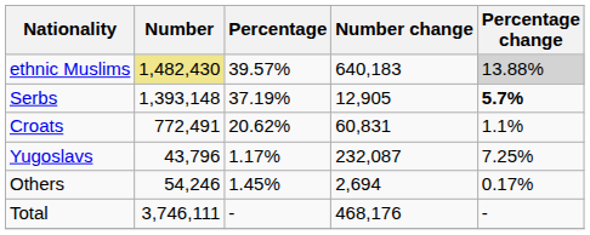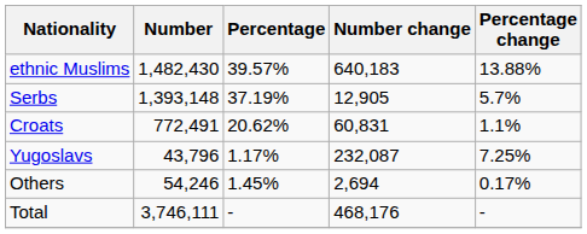 <table class="wikitable">
 <tr>
 <th>Nationality</th>
 <th>Number</th>
 <th>Percentage</th>
 <th>Number change</th>
 <th>Percentage <br>change</th>
 </tr>
 <tr>
 <td align=left><a href='#'>ethnic Muslims</a></td>
-<td align=right style="background: khaki;">1,482,430</td>
+<td align=right>1,482,430</td>
 <td>39.57%</td>
 <td>640,183</td>
-<td style="background: lightgrey;">13.88%</td>
+<td>13.88%</td>
 </tr>
 <tr>
 <td align=left><a href='#'>Serbs</a></td>
 <td align=right>1,393,148</td>
 <td>37.19%</td>
 <td>12,905</td>
-<td><strong>5.7%</strong></td>
+<td>5.7%</td>
 </tr>
 <tr>
 <td align=left><a href='#'>Croats</a></td>
 <td align=right>772,491</td>
 <td>20.62%</td>
 <td>60,831</td>
 <td>1.1%</td>
 </tr>
 <tr>
 <td align=left><a href='#'>Yugoslavs</a></td>
 <td align=right>43,796</td>
 <td>1.17%</td>
 <td>232,087</td>
 <td>7.25%</td>
 </tr>
 <tr>
 <td align=left>Others</td>
 <td align=right>54,246</td>
 <td>1.45%</td>
 <td>2,694</td>
 <td>0.17%</td>
 </tr>
 <tr>
 <td align=left>Total</td>
 <td align=right>3,746,111</td>
 <td>-</td>
 <td>468,176</td>
 <td>-</td>
 </tr>
 <tr>
 </tr>
 </table>
